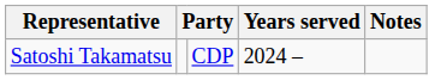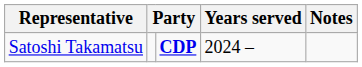 <table class="wikitable">
 <tr>
 <th>Representative</th>
 <th colspan="2">Party</th>
 <th>Years served</th>
 <th>Notes</th>
 </tr>
 <tr>
 <td><a href='#'>Satoshi Takamatsu</a></td>
 <td bgcolor=></td>
-<td><a href='#'>CDP</a></td>
+<td><strong><a href='#'>CDP</a></strong></td>
 <td>2024 –</td>
 <td></td>
 </tr>
 </table>
